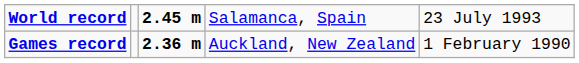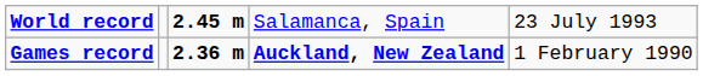 <table class="wikitable">
 <tr>
 <td><a href='#'><strong>World record</strong></a></td>
 <td></td>
 <td><strong>2.45 m</strong></td>
 <td><a href='#'>Salamanca</a>, <a href='#'>Spain</a></td>
 <td>23 July 1993</td>
 </tr>
 <tr>
 <td><a href='#'><strong>Games record</strong></a></td>
 <td></td>
 <td><strong>2.36 m</strong></td>
-<td><a href='#'>Auckland</a>, <a href='#'>New Zealand</a></td>
+<td><strong><a href='#'>Auckland</a>, <a href='#'>New Zealand</a></strong></td>
 <td>1 February 1990</td>
 </tr>
 </table>
